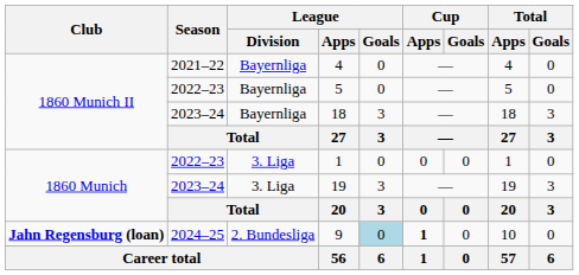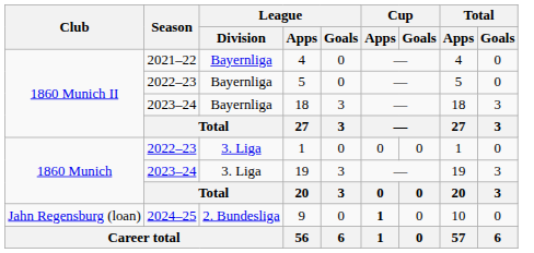 <table class="wikitable" Style="text-align: center">
 <tr>
 <th rowspan="2">Club</th>
 <th rowspan="2">Season</th>
 <th colspan="3">League</th>
 <th colspan="2">Cup</th>
 <th colspan="2">Total</th>
 </tr>
 <tr>
 <th>Division</th>
 <th>Apps</th>
 <th>Goals</th>
 <th>Apps</th>
 <th>Goals</th>
 <th>Apps</th>
 <th>Goals</th>
 </tr>
 <tr>
 <td rowspan="4"><a href='#'>1860 Munich II</a></td>
 <td>2021–22</td>
 <td><a href='#'>Bayernliga</a></td>
 <td>4</td>
 <td>0</td>
 <td colspan="2">—</td>
 <td>4</td>
 <td>0</td>
 </tr>
 <tr>
 <td>2022–23</td>
 <td>Bayernliga</td>
 <td>5</td>
 <td>0</td>
 <td colspan="2">—</td>
 <td>5</td>
 <td>0</td>
 </tr>
 <tr>
 <td>2023–24</td>
 <td>Bayernliga</td>
 <td>18</td>
 <td>3</td>
 <td colspan="2">—</td>
 <td>18</td>
 <td>3</td>
 </tr>
 <tr>
 <th colspan="2">Total</th>
 <th>27</th>
 <th>3</th>
 <th colspan="2">—</th>
 <th>27</th>
 <th>3</th>
 </tr>
 <tr>
 <td rowspan="3"><a href='#'>1860 Munich</a></td>
 <td><a href='#'>2022–23</a></td>
 <td><a href='#'>3. Liga</a></td>
 <td>1</td>
 <td>0</td>
 <td>0</td>
 <td>0</td>
 <td>1</td>
 <td>0</td>
 </tr>
 <tr>
 <td><a href='#'>2023–24</a></td>
 <td>3. Liga</td>
 <td>19</td>
 <td>3</td>
 <td colspan="2">—</td>
 <td>19</td>
 <td>3</td>
 </tr>
 <tr>
 <th colspan="2">Total</th>
 <th>20</th>
 <th>3</th>
 <th>0</th>
 <th>0</th>
 <th>20</th>
 <th>3</th>
 </tr>
 <tr>
-<td><strong><a href='#'>Jahn Regensburg</a> (loan)</strong></td>
+<td><a href='#'>Jahn Regensburg</a> (loan)</td>
 <td><a href='#'>2024–25</a></td>
 <td><a href='#'>2. Bundesliga</a></td>
 <td>9</td>
-<td style="background: lightblue;">0</td>
+<td>0</td>
 <td><strong>1</strong></td>
 <td>0</td>
 <td>10</td>
 <td>0</td>
 </tr>
 <tr>
 <th colspan="3">Career total</th>
 <th>56</th>
 <th>6</th>
 <th>1</th>
 <th>0</th>
 <th>57</th>
 <th>6</th>
 </tr>
 </table>
